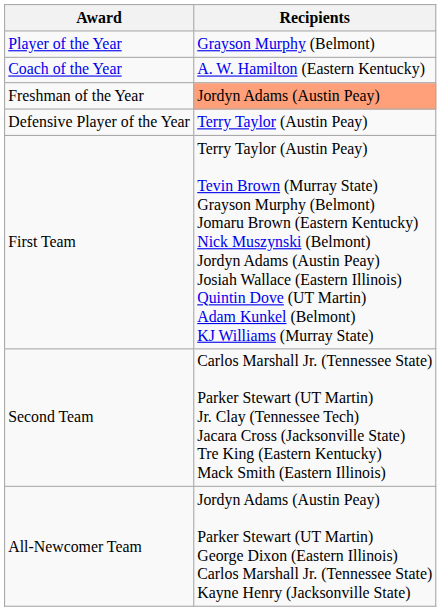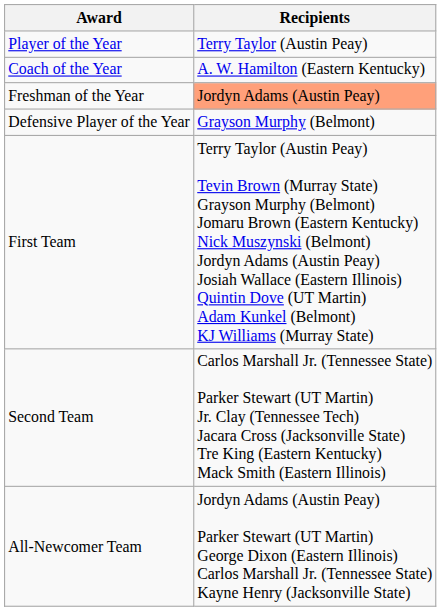 <table class="wikitable" style="white-space:nowrap; font-size:90%;">
 <tr>
 <th>Award</th>
 <th>Recipients</th>
 </tr>
 <tr>
 <td><a href='#'>Player of the Year</a></td>
-<td><a href='#'>Grayson Murphy</a> (Belmont)</td>
+<td><a href='#'>Terry Taylor</a> (Austin Peay)</td>
 </tr>
 <tr>
 <td><a href='#'>Coach of the Year</a></td>
 <td><a href='#'>A. W. Hamilton</a> (Eastern Kentucky)</td>
 </tr>
 <tr>
 <td>Freshman of the Year</td>
 <td style="background: lightsalmon;">Jordyn Adams (Austin Peay)</td>
 </tr>
 <tr>
 <td>Defensive Player of the Year</td>
-<td><a href='#'>Terry Taylor</a> (Austin Peay)</td>
+<td><a href='#'>Grayson Murphy</a> (Belmont)</td>
 </tr>
 <tr>
 <td>First Team</td>
 <td>Terry Taylor (Austin Peay)<br><br><a href='#'>Tevin Brown</a> (Murray State)<br> Grayson Murphy (Belmont)<br> Jomaru Brown (Eastern Kentucky)<br> <a href='#'>Nick Muszynski</a> (Belmont)<br> Jordyn Adams (Austin Peay)<br> Josiah Wallace (Eastern Illinois)<br> <a href='#'>Quintin Dove</a> (UT Martin)<br> <a href='#'>Adam Kunkel</a> (Belmont)<br> <a href='#'>KJ Williams</a> (Murray State)</td>
 </tr>
 <tr>
 <td>Second Team</td>
 <td>Carlos Marshall Jr. (Tennessee State)<br><br>Parker Stewart (UT Martin)<br> Jr. Clay (Tennessee Tech)<br> Jacara Cross (Jacksonville State)<br> Tre King (Eastern Kentucky)<br>                     Mack Smith (Eastern Illinois)</td>
 </tr>
 <tr>
 <td>All-Newcomer Team</td>
 <td>Jordyn Adams (Austin Peay)<br><br>Parker Stewart (UT Martin)<br> George Dixon (Eastern Illinois)<br>                  Carlos Marshall Jr. (Tennessee State)<br> Kayne Henry (Jacksonville State)</td>
 </tr>
 </table>
